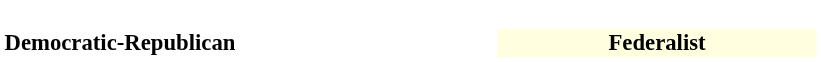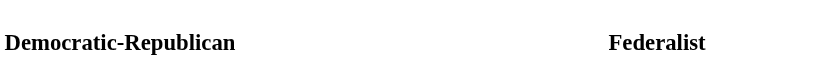 <table style="width:60%; text-align:center;">
 <tr style="color:white;">
 <td style="background:"><strong>68</strong></td>
 <td style="background:"><strong>38</strong></td>
 </tr>
 <tr>
 <td><span><strong>Democratic-Republican</strong></span></td>
-<td style="background: lightyellow;"><span><strong>Federalist</strong></span></td>
+<td><span><strong>Federalist</strong></span></td>
 </tr>
 </table>
